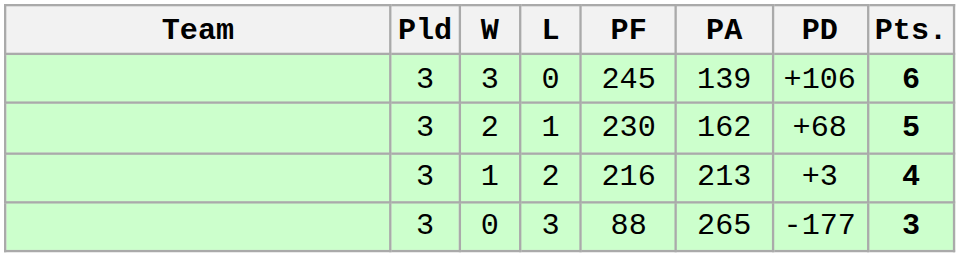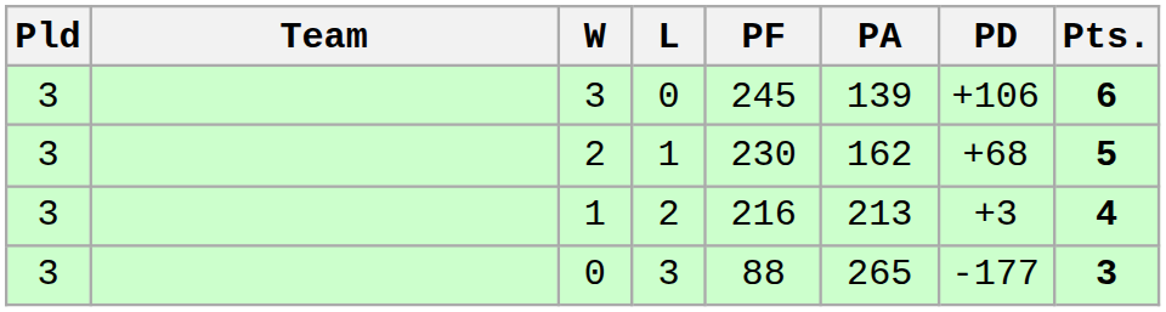 <table class=wikitable style="text-align:center">
 <tr>
+<th width=20>Pld</th>
 <th width=160>Team</th>
-<th width=20>Pld</th>
 <th width=20>W</th>
 <th width=20>L</th>
 <th width=35>PF</th>
 <th width=35>PA</th>
 <th width=35>PD</th>
 <th width=30>Pts.</th>
 </tr>
 <tr align="center" bgcolor="#CCFFCC">
+<td>3</td>
 <td align=left></td>
-<td>3</td>
 <td>3</td>
 <td>0</td>
 <td>245</td>
 <td>139</td>
 <td>+106</td>
 <td><strong>6</strong></td>
 </tr>
 <tr align="center" bgcolor="#CCFFCC">
+<td>3</td>
 <td align=left></td>
-<td>3</td>
 <td>2</td>
 <td>1</td>
 <td>230</td>
 <td>162</td>
 <td>+68</td>
 <td><strong>5</strong></td>
 </tr>
 <tr align="center" bgcolor="#CCFFCC">
+<td>3</td>
 <td align=left></td>
-<td>3</td>
 <td>1</td>
 <td>2</td>
 <td>216</td>
 <td>213</td>
 <td>+3</td>
 <td><strong>4</strong></td>
 </tr>
 <tr align="center" bgcolor="#CCFFCC">
+<td>3</td>
 <td align=left></td>
-<td>3</td>
 <td>0</td>
 <td>3</td>
 <td>88</td>
 <td>265</td>
 <td>-177</td>
 <td><strong>3</strong></td>
 </tr>
 </table>
